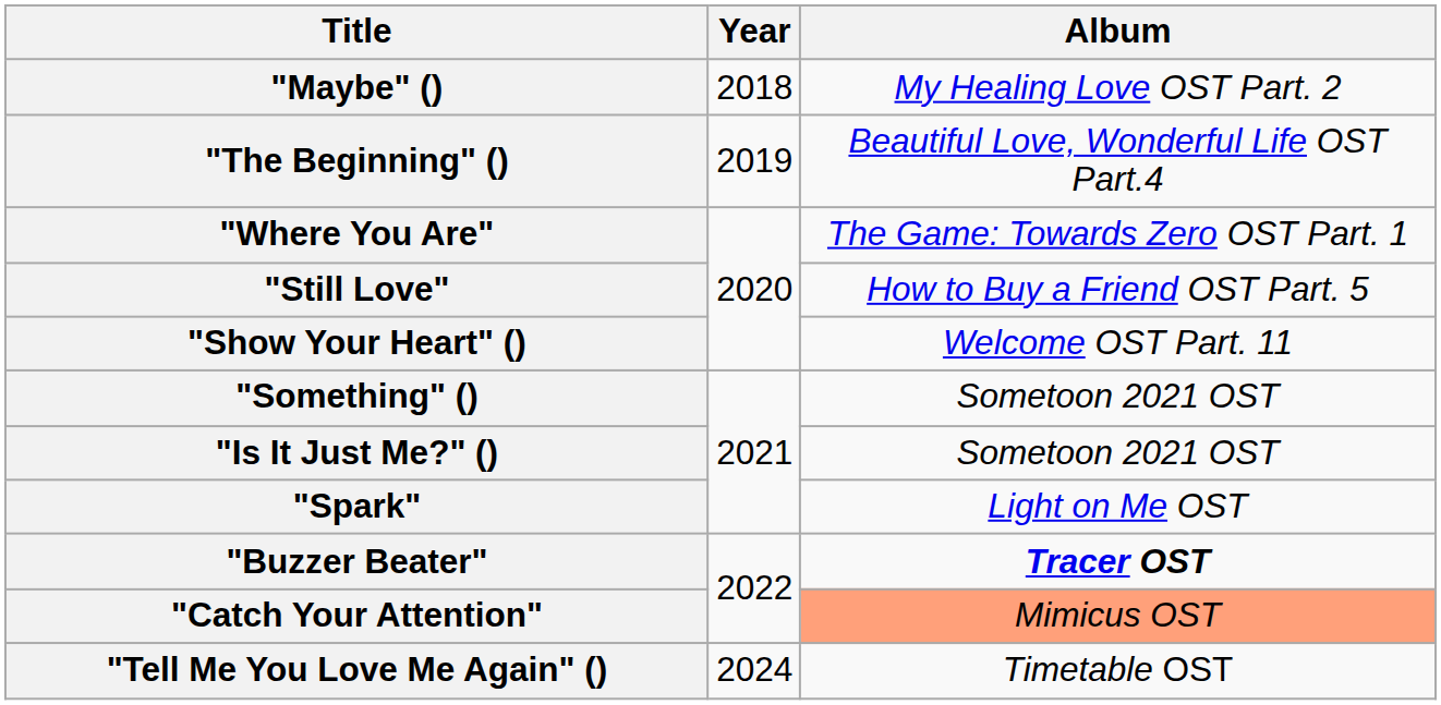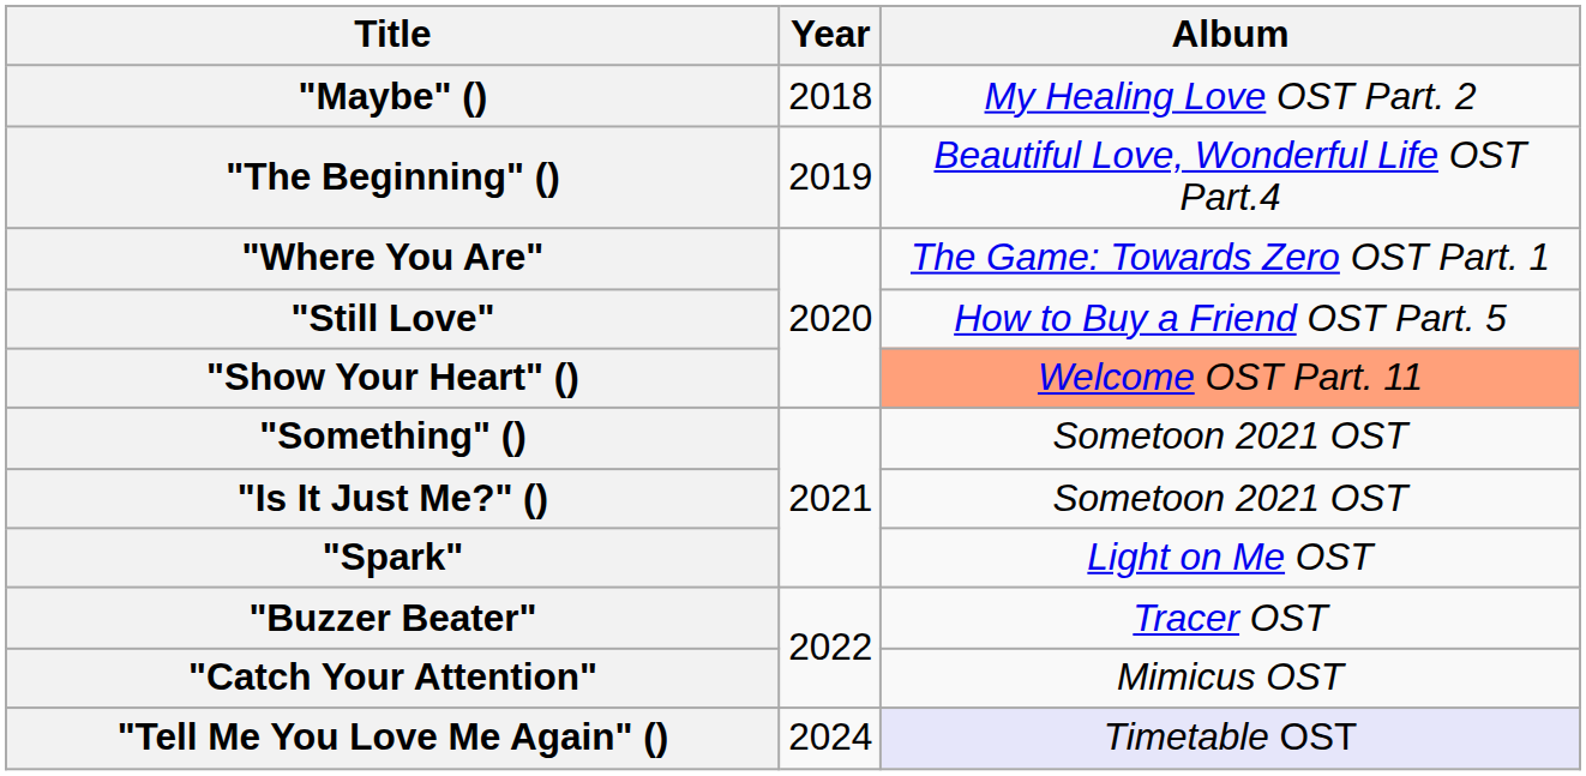 <table class="wikitable plainrowheaders" style="text-align:center">
 <tr>
 <th scope="col" style="width:20em;">Title</th>
 <th scope="col" style="width:2em;">Year</th>
 <th scope="col" style="width:18em;">Album</th>
 </tr>
 <tr>
 <th scope="row">"Maybe" () </th>
 <td>2018</td>
 <td><em><a href='#'>My Healing Love</a> OST Part. 2</em></td>
 </tr>
 <tr>
 <th scope="row">"The Beginning" () </th>
 <td>2019</td>
 <td><em><a href='#'>Beautiful Love, Wonderful Life</a> OST Part.4</em></td>
 </tr>
 <tr>
 <th scope="row">"Where You Are" </th>
 <td rowspan="3">2020</td>
 <td><em><a href='#'>The Game: Towards Zero</a> OST Part. 1</em></td>
 </tr>
 <tr>
 <th scope="row">"Still Love"  </th>
 <td><em><a href='#'>How to Buy a Friend</a> OST Part. 5</em></td>
 </tr>
 <tr>
 <th scope="row">"Show Your Heart" ()</th>
-<td><em><a href='#'>Welcome</a> OST Part. 11</em></td>
+<td style="background: lightsalmon;"><em><a href='#'>Welcome</a> OST Part. 11</em></td>
 </tr>
 <tr>
 <th scope="row">"Something" ()  </th>
 <td rowspan="3">2021</td>
 <td><em>Sometoon 2021 OST</em></td>
 </tr>
 <tr>
 <th scope="row">"Is It Just Me?" ()  </th>
 <td><em>Sometoon 2021 OST</em></td>
 </tr>
 <tr>
 <th scope="row">"Spark"  </th>
 <td><em><a href='#'>Light on Me</a> OST</em></td>
 </tr>
 <tr>
 <th scope="row">"Buzzer Beater"  </th>
 <td rowspan="2">2022</td>
-<td><strong><em><a href='#'>Tracer</a> OST</em></strong></td>
+<td><em><a href='#'>Tracer</a> OST</em></td>
 </tr>
 <tr>
 <th scope="row">"Catch Your Attention"</th>
-<td style="background: lightsalmon;"><em>Mimicus OST</em></td>
+<td><em>Mimicus OST</em></td>
 </tr>
 <tr>
 <th scope="row">"Tell Me You Love Me Again" ()</th>
 <td>2024</td>
-<td><em>Timetable</em> OST</td>
+<td style="background: lavender;"><em>Timetable</em> OST</td>
 </tr>
 </table>
